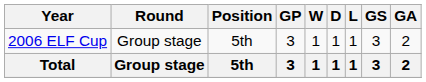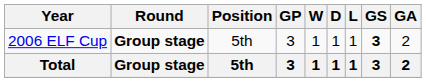 <table class="wikitable" style="text-align:center;">
 <tr>
 <th>Year</th>
 <th>Round</th>
 <th>Position</th>
 <th>GP</th>
 <th>W</th>
 <th>D</th>
 <th>L</th>
 <th>GS</th>
 <th>GA</th>
 </tr>
 <tr>
 <td> <a href='#'>2006 ELF Cup</a></td>
-<td>Group stage</td>
+<td><strong>Group stage</strong></td>
 <td>5th</td>
 <td>3</td>
 <td>1</td>
 <td>1</td>
 <td>1</td>
-<td>3</td>
+<td><strong>3</strong></td>
 <td>2</td>
 </tr>
 <tr>
 <th>Total</th>
 <th>Group stage</th>
 <th>5th</th>
 <th>3</th>
 <th>1</th>
 <th>1</th>
 <th>1</th>
 <th>3</th>
 <th>2</th>
 </tr>
 <tr>
 </tr>
 </table>
